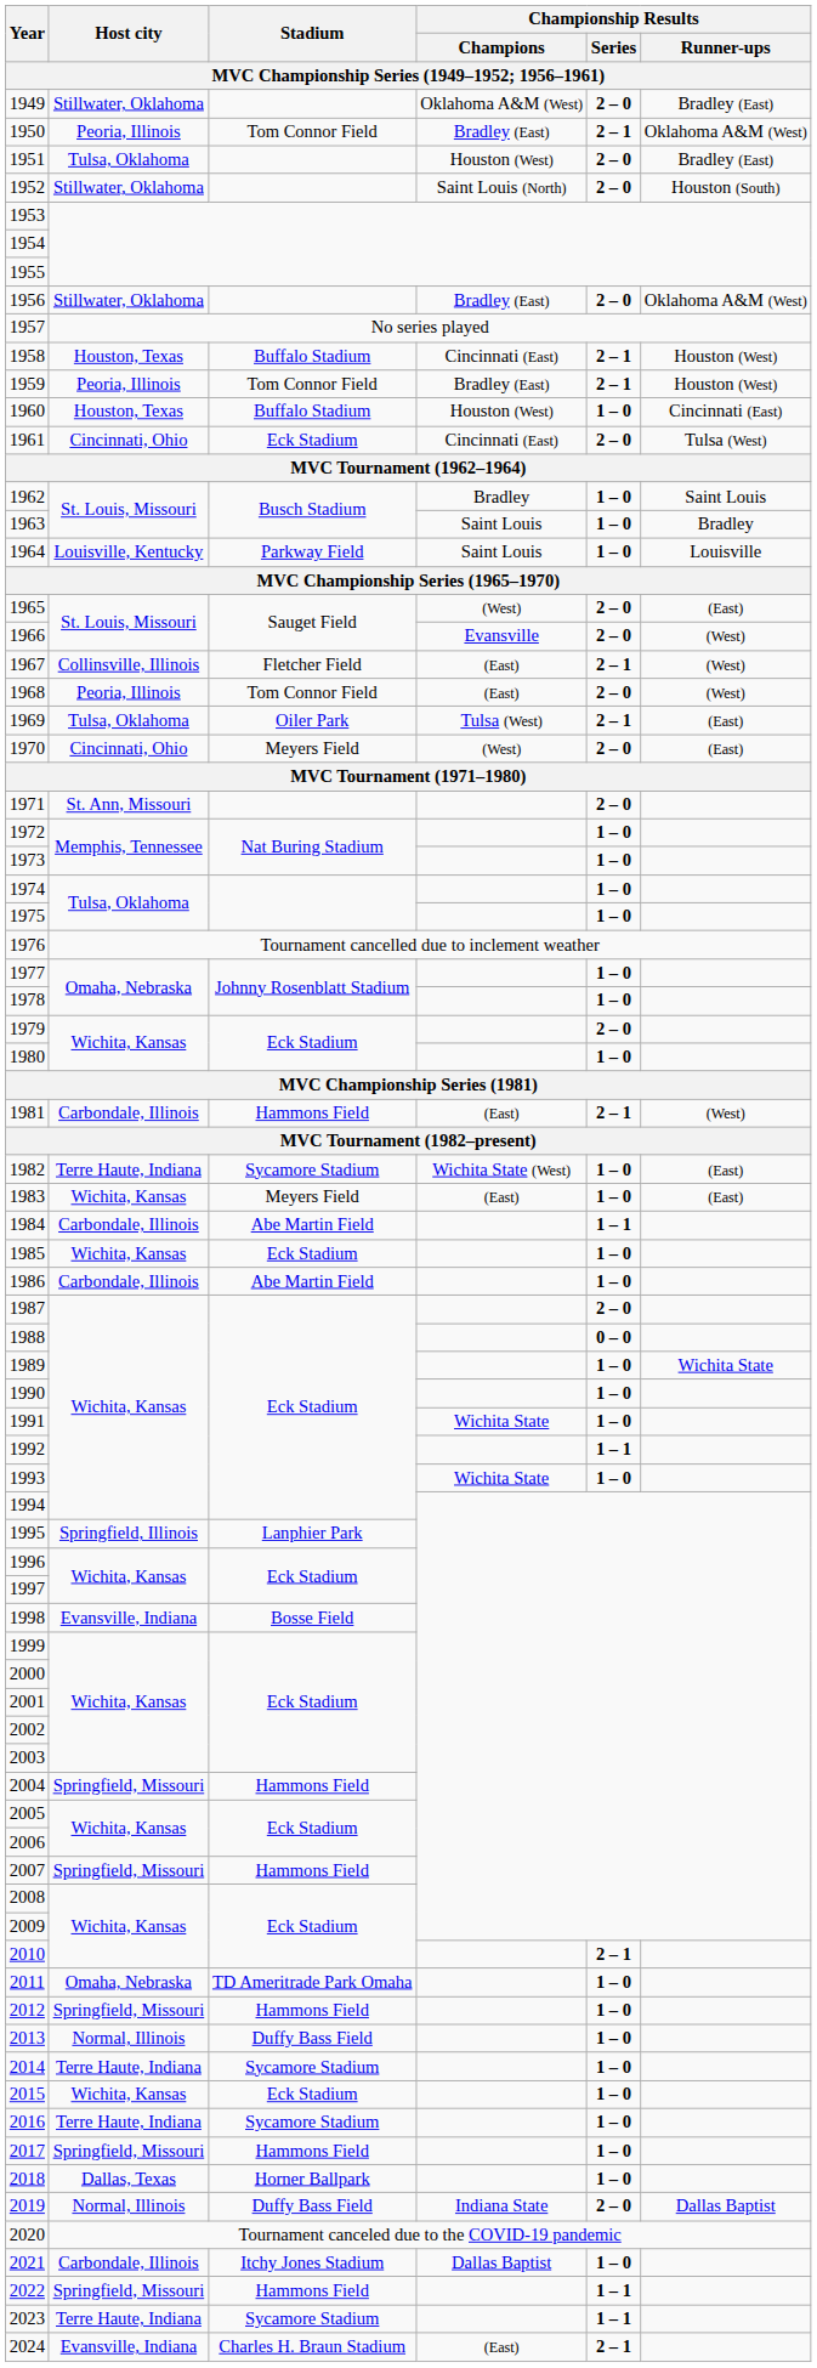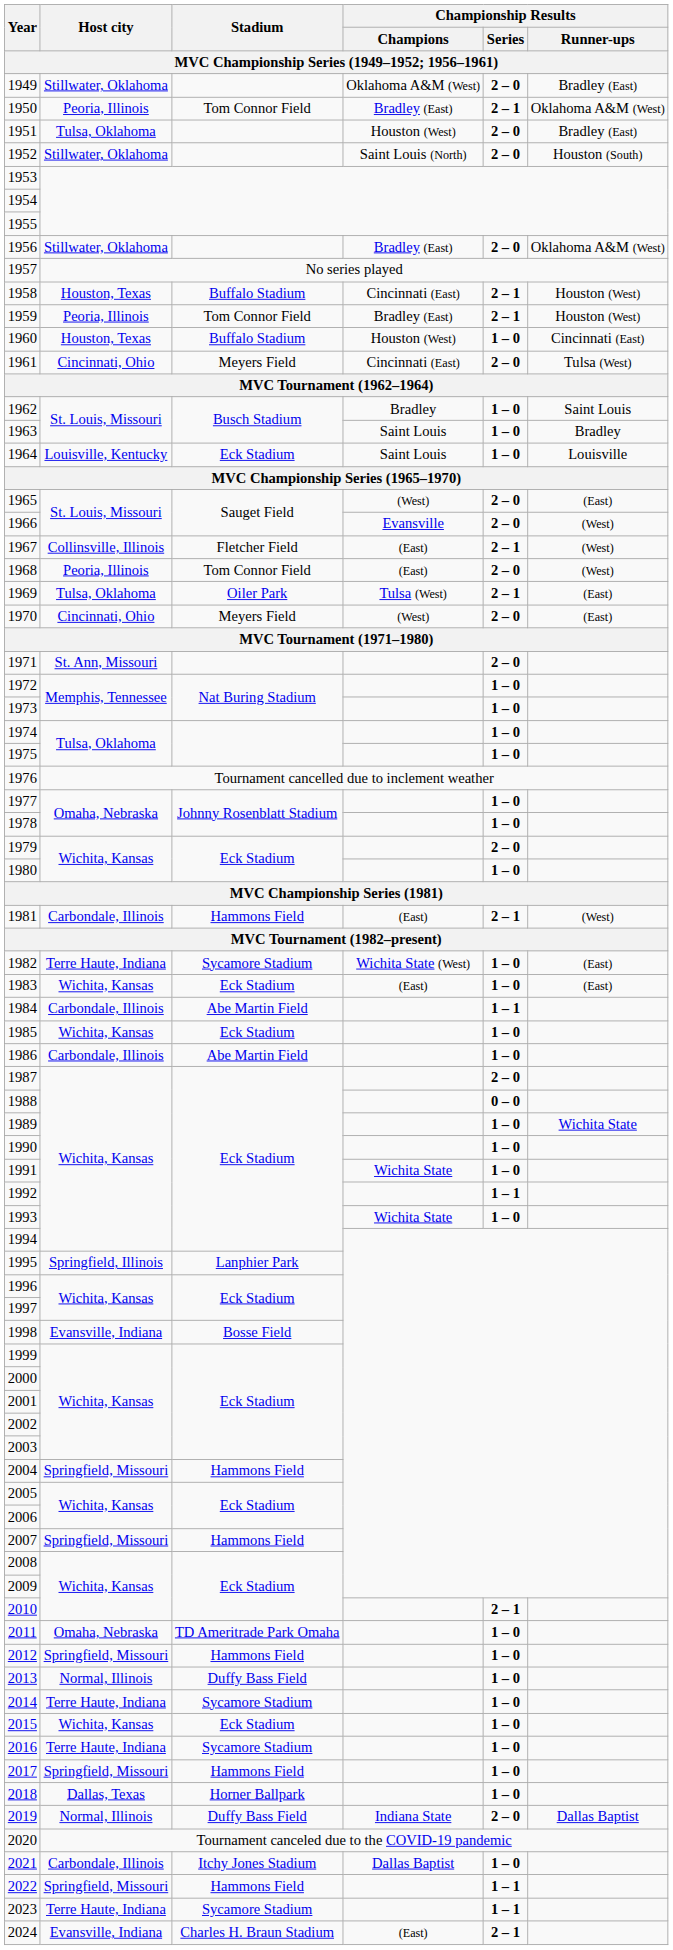 <table class="wikitable" style="text-align:center;">
 <tr>
 <th rowspan="2">Year</th>
 <th rowspan="2">Host city</th>
 <th rowspan="2">Stadium</th>
 <th colspan="3">Championship Results</th>
 </tr>
 <tr>
 <th>Champions</th>
 <th>Series</th>
 <th>Runner-ups</th>
 </tr>
 <tr>
 <th colspan="6">MVC Championship Series (1949–1952; 1956–1961)</th>
 </tr>
 <tr>
 <td style="text-align:center;">1949</td>
 <td><a href='#'>Stillwater, Oklahoma</a></td>
 <td></td>
 <td>Oklahoma A&M <small>(West)</small></td>
 <td style="text-align:center;"><strong>2 – 0</strong></td>
 <td>Bradley <small>(East)</small></td>
 </tr>
 <tr>
 <td style="text-align:center;">1950</td>
 <td><a href='#'>Peoria, Illinois</a></td>
 <td>Tom Connor Field</td>
 <td><a href='#'>Bradley</a> <small>(East)</small></td>
 <td style="text-align:center;"><strong>2 – 1</strong></td>
 <td>Oklahoma A&M <small>(West)</small></td>
 </tr>
 <tr>
 <td style="text-align:center;">1951</td>
 <td><a href='#'>Tulsa, Oklahoma</a></td>
 <td></td>
 <td>Houston <small>(West)</small></td>
 <td style="text-align:center;"><strong>2 – 0</strong></td>
 <td>Bradley <small>(East)</small></td>
 </tr>
 <tr>
 <td style="text-align:center;">1952</td>
 <td><a href='#'>Stillwater, Oklahoma</a></td>
 <td></td>
 <td>Saint Louis <small>(North)</small></td>
 <td style="text-align:center;"><strong>2 – 0</strong></td>
 <td>Houston <small>(South)</small></td>
 </tr>
 <tr>
 <td style="text-align:center;">1953</td>
 <td colspan="6" rowspan="3"></td>
 </tr>
 <tr>
 <td style="text-align:center;">1954</td>
 </tr>
 <tr>
 <td style="text-align:center;">1955</td>
 </tr>
 <tr>
 <td style="text-align:center;">1956</td>
 <td><a href='#'>Stillwater, Oklahoma</a></td>
 <td></td>
 <td><a href='#'>Bradley</a> <small>(East)</small></td>
 <td style="text-align:center;"><strong>2 – 0</strong></td>
 <td>Oklahoma A&M <small>(West)</small></td>
 </tr>
 <tr>
 <td scope="row" style="text-align:center">1957</td>
 <td colspan="5">No series played</td>
 </tr>
 <tr>
 <td style="text-align:center;">1958</td>
 <td><a href='#'>Houston, Texas</a></td>
 <td><a href='#'>Buffalo Stadium</a></td>
 <td>Cincinnati <small>(East)</small></td>
 <td style="text-align:center;"><strong>2 – 1</strong></td>
 <td>Houston <small>(West)</small></td>
 </tr>
 <tr>
 <td style="text-align:center;">1959</td>
 <td><a href='#'>Peoria, Illinois</a></td>
 <td>Tom Connor Field</td>
 <td>Bradley <small>(East)</small></td>
 <td style="text-align:center;"><strong>2 – 1</strong></td>
 <td>Houston <small>(West)</small></td>
 </tr>
 <tr>
 <td style="text-align:center;">1960</td>
 <td><a href='#'>Houston, Texas</a></td>
 <td><a href='#'>Buffalo Stadium</a></td>
 <td>Houston <small>(West)</small></td>
 <td style="text-align:center;"><strong>1 – 0</strong></td>
 <td>Cincinnati <small>(East)</small></td>
 </tr>
 <tr>
 <td style="text-align:center;">1961</td>
 <td><a href='#'>Cincinnati, Ohio</a></td>
-<td><a href='#'>Eck Stadium</a></td>
+<td>Meyers Field</td>
 <td>Cincinnati <small>(East)</small></td>
 <td style="text-align:center;"><strong>2 – 0</strong></td>
 <td>Tulsa <small>(West)</small></td>
 </tr>
 <tr>
 <th colspan="6">MVC Tournament (1962–1964)</th>
 </tr>
 <tr>
 <td>1962</td>
 <td rowspan="2"><a href='#'>St. Louis, Missouri</a></td>
 <td rowspan="2"><a href='#'>Busch Stadium</a></td>
 <td>Bradley</td>
 <td style="text-align:center;"><strong>1 – 0</strong></td>
 <td>Saint Louis</td>
 </tr>
 <tr>
 <td>1963</td>
 <td>Saint Louis</td>
 <td style="text-align:center;"><strong>1 – 0</strong></td>
 <td>Bradley</td>
 </tr>
 <tr>
 <td>1964</td>
 <td><a href='#'>Louisville, Kentucky</a></td>
-<td><a href='#'>Parkway Field</a></td>
+<td><a href='#'>Eck Stadium</a></td>
 <td>Saint Louis</td>
 <td style="text-align:center;"><strong>1 – 0</strong></td>
 <td>Louisville</td>
 </tr>
 <tr>
 <th colspan="6">MVC Championship Series (1965–1970)</th>
 </tr>
 <tr>
 <td>1965</td>
 <td rowspan="2"><a href='#'>St. Louis, Missouri</a></td>
 <td rowspan="2">Sauget Field</td>
 <td> <small>(West)</small></td>
 <td style="text-align:center;"><strong>2 – 0</strong></td>
 <td> <small>(East)</small></td>
 </tr>
 <tr>
 <td>1966</td>
 <td><a href='#'>Evansville</a></td>
 <td style="text-align:center;"><strong>2 – 0</strong></td>
 <td> <small>(West)</small></td>
 </tr>
 <tr>
 <td>1967</td>
 <td><a href='#'>Collinsville, Illinois</a></td>
 <td>Fletcher Field</td>
 <td> <small>(East)</small></td>
 <td style="text-align:center;"><strong>2 – 1</strong></td>
 <td> <small>(West)</small></td>
 </tr>
 <tr>
 <td>1968</td>
 <td><a href='#'>Peoria, Illinois</a></td>
 <td>Tom Connor Field</td>
 <td> <small>(East)</small></td>
 <td style="text-align:center;"><strong>2 – 0</strong></td>
 <td> <small>(West)</small></td>
 </tr>
 <tr>
 <td>1969</td>
 <td><a href='#'>Tulsa, Oklahoma</a></td>
 <td><a href='#'>Oiler Park</a></td>
 <td><a href='#'>Tulsa</a> <small>(West)</small></td>
 <td style="text-align:center;"><strong>2 – 1</strong></td>
 <td> <small>(East)</small></td>
 </tr>
 <tr>
 <td>1970</td>
 <td><a href='#'>Cincinnati, Ohio</a></td>
 <td>Meyers Field</td>
 <td> <small>(West)</small></td>
 <td style="text-align:center;"><strong>2 – 0</strong></td>
 <td> <small>(East)</small></td>
 </tr>
 <tr>
 <th colspan="6">MVC Tournament (1971–1980)</th>
 </tr>
 <tr>
 <td>1971</td>
 <td><a href='#'>St. Ann, Missouri</a></td>
 <td></td>
 <td></td>
 <td style="text-align:center;"><strong>2 – 0</strong></td>
 <td></td>
 </tr>
 <tr>
 <td>1972</td>
 <td rowspan="2"><a href='#'>Memphis, Tennessee</a></td>
 <td rowspan="2"><a href='#'>Nat Buring Stadium</a></td>
 <td></td>
 <td style="text-align:center;"><strong>1 – 0</strong></td>
 <td></td>
 </tr>
 <tr>
 <td>1973</td>
 <td></td>
 <td style="text-align:center;"><strong>1 – 0</strong></td>
 <td></td>
 </tr>
 <tr>
 <td>1974</td>
 <td rowspan="2"><a href='#'>Tulsa, Oklahoma</a></td>
 <td rowspan="2"></td>
 <td></td>
 <td style="text-align:center;"><strong>1 – 0</strong></td>
 <td></td>
 </tr>
 <tr>
 <td>1975</td>
 <td></td>
 <td style="text-align:center;"><strong>1 – 0</strong></td>
 <td></td>
 </tr>
 <tr>
 <td>1976</td>
 <td colspan="5">Tournament cancelled due to inclement weather</td>
 </tr>
 <tr>
 <td>1977</td>
 <td rowspan="2"><a href='#'>Omaha, Nebraska</a></td>
 <td rowspan="2"><a href='#'>Johnny Rosenblatt Stadium</a></td>
 <td></td>
 <td style="text-align:center;"><strong>1 – 0</strong></td>
 <td></td>
 </tr>
 <tr>
 <td>1978</td>
 <td></td>
 <td style="text-align:center;"><strong>1 – 0</strong></td>
 <td></td>
 </tr>
 <tr>
 <td>1979</td>
 <td rowspan="2"><a href='#'>Wichita, Kansas</a></td>
 <td rowspan="2"><a href='#'>Eck Stadium</a></td>
 <td></td>
 <td style="text-align:center;"><strong>2 – 0</strong></td>
 <td></td>
 </tr>
 <tr>
 <td>1980</td>
 <td></td>
 <td style="text-align:center;"><strong>1 – 0</strong></td>
 <td></td>
 </tr>
 <tr>
 <th colspan="6">MVC Championship Series (1981)</th>
 </tr>
 <tr>
 <td>1981</td>
 <td><a href='#'>Carbondale, Illinois</a></td>
 <td><a href='#'>Hammons Field</a></td>
 <td> <small>(East)</small></td>
 <td style="text-align:center;"><strong>2 – 1</strong></td>
 <td> <small>(West)</small></td>
 </tr>
 <tr>
 <th colspan="6">MVC Tournament (1982–present)</th>
 </tr>
 <tr>
 <td>1982</td>
 <td><a href='#'>Terre Haute, Indiana</a></td>
 <td><a href='#'>Sycamore Stadium</a></td>
 <td><a href='#'>Wichita State</a> <small>(West)</small></td>
 <td style="text-align:center;"><strong>1 – 0</strong></td>
 <td> <small>(East)</small></td>
 </tr>
 <tr>
 <td>1983</td>
 <td><a href='#'>Wichita, Kansas</a></td>
-<td>Meyers Field</td>
+<td><a href='#'>Eck Stadium</a></td>
 <td> <small>(East)</small></td>
 <td style="text-align:center;"><strong>1 – 0</strong></td>
 <td> <small>(East)</small></td>
 </tr>
 <tr>
 <td>1984</td>
 <td><a href='#'>Carbondale, Illinois</a></td>
 <td><a href='#'>Abe Martin Field</a></td>
 <td></td>
 <td style="text-align:center;"><strong>1 – 1</strong></td>
 <td></td>
 </tr>
 <tr>
 <td>1985</td>
 <td><a href='#'>Wichita, Kansas</a></td>
 <td><a href='#'>Eck Stadium</a></td>
 <td></td>
 <td style="text-align:center;"><strong>1 – 0</strong></td>
 <td></td>
 </tr>
 <tr>
 <td>1986</td>
 <td><a href='#'>Carbondale, Illinois</a></td>
 <td><a href='#'>Abe Martin Field</a></td>
 <td></td>
 <td style="text-align:center;"><strong>1 – 0</strong></td>
 <td></td>
 </tr>
 <tr>
 <td>1987</td>
 <td rowspan="8"><a href='#'>Wichita, Kansas</a></td>
 <td rowspan="8"><a href='#'>Eck Stadium</a></td>
 <td></td>
 <td style="text-align:center;"><strong>2 – 0</strong></td>
 <td></td>
 </tr>
 <tr>
 <td>1988</td>
 <td></td>
 <td style="text-align:center;"><strong>0 – 0</strong></td>
 <td></td>
 </tr>
 <tr>
 <td>1989</td>
 <td></td>
 <td style="text-align:center;"><strong>1 – 0</strong></td>
 <td><a href='#'>Wichita State</a></td>
 </tr>
 <tr>
 <td>1990</td>
 <td></td>
 <td style="text-align:center;"><strong>1 – 0</strong></td>
 <td></td>
 </tr>
 <tr>
 <td>1991</td>
 <td><a href='#'>Wichita State</a></td>
 <td style="text-align:center;"><strong>1 – 0</strong></td>
 <td></td>
 </tr>
 <tr>
 <td>1992</td>
 <td></td>
 <td style="text-align:center;"><strong>1 – 1</strong></td>
 <td></td>
 </tr>
 <tr>
 <td>1993</td>
 <td><a href='#'>Wichita State</a></td>
 <td style="text-align:center;"><strong>1 – 0</strong></td>
 <td></td>
 </tr>
 <tr>
 <td>1994</td>
 </tr>
 <tr>
 <td>1995</td>
 <td><a href='#'>Springfield, Illinois</a></td>
 <td><a href='#'>Lanphier Park</a></td>
 </tr>
 <tr>
 <td>1996</td>
 <td rowspan="2"><a href='#'>Wichita, Kansas</a></td>
 <td rowspan="2"><a href='#'>Eck Stadium</a></td>
 </tr>
 <tr>
 <td>1997</td>
 </tr>
 <tr>
 <td>1998</td>
 <td><a href='#'>Evansville, Indiana</a></td>
 <td><a href='#'>Bosse Field</a></td>
 </tr>
 <tr>
 <td>1999</td>
 <td rowspan="5"><a href='#'>Wichita, Kansas</a></td>
 <td rowspan="5"><a href='#'>Eck Stadium</a></td>
 </tr>
 <tr>
 <td>2000</td>
 </tr>
 <tr>
 <td>2001</td>
 </tr>
 <tr>
 <td>2002</td>
 </tr>
 <tr>
 <td>2003</td>
 </tr>
 <tr>
 <td>2004</td>
 <td><a href='#'>Springfield, Missouri</a></td>
 <td><a href='#'>Hammons Field</a></td>
 </tr>
 <tr>
 <td>2005</td>
 <td rowspan="2"><a href='#'>Wichita, Kansas</a></td>
 <td rowspan="2"><a href='#'>Eck Stadium</a></td>
 </tr>
 <tr>
 <td>2006</td>
 </tr>
 <tr>
 <td>2007</td>
 <td><a href='#'>Springfield, Missouri</a></td>
 <td><a href='#'>Hammons Field</a></td>
 </tr>
 <tr>
 <td>2008</td>
 <td rowspan="3"><a href='#'>Wichita, Kansas</a></td>
 <td rowspan="3"><a href='#'>Eck Stadium</a></td>
 </tr>
 <tr>
 <td>2009</td>
 </tr>
 <tr>
 <td><a href='#'>2010</a></td>
 <td></td>
 <td style="text-align:center;"><strong>2 – 1</strong></td>
 <td></td>
 </tr>
 <tr>
 <td><a href='#'>2011</a></td>
 <td><a href='#'>Omaha, Nebraska</a></td>
 <td><a href='#'>TD Ameritrade Park Omaha</a></td>
 <td></td>
 <td style="text-align:center;"><strong>1 – 0</strong></td>
 <td></td>
 </tr>
 <tr>
 <td><a href='#'>2012</a></td>
 <td><a href='#'>Springfield, Missouri</a></td>
 <td><a href='#'>Hammons Field</a></td>
 <td></td>
 <td style="text-align:center;"><strong>1 – 0</strong></td>
 <td></td>
 </tr>
 <tr>
 <td><a href='#'>2013</a></td>
 <td><a href='#'>Normal, Illinois</a></td>
 <td><a href='#'>Duffy Bass Field</a></td>
 <td></td>
 <td style="text-align:center;"><strong>1 – 0</strong></td>
 <td></td>
 </tr>
 <tr>
 <td><a href='#'>2014</a></td>
 <td><a href='#'>Terre Haute, Indiana</a></td>
 <td><a href='#'>Sycamore Stadium</a></td>
 <td></td>
 <td style="text-align:center;"><strong>1 – 0</strong></td>
 <td></td>
 </tr>
 <tr>
 <td><a href='#'>2015</a></td>
 <td><a href='#'>Wichita, Kansas</a></td>
 <td><a href='#'>Eck Stadium</a></td>
 <td></td>
 <td style="text-align:center;"><strong>1 – 0</strong></td>
 <td></td>
 </tr>
 <tr>
 <td><a href='#'>2016</a></td>
 <td><a href='#'>Terre Haute, Indiana</a></td>
 <td><a href='#'>Sycamore Stadium</a></td>
 <td></td>
 <td style="text-align:center;"><strong>1 – 0</strong></td>
 <td></td>
 </tr>
 <tr>
 <td><a href='#'>2017</a></td>
 <td><a href='#'>Springfield, Missouri</a></td>
 <td><a href='#'>Hammons Field</a></td>
 <td></td>
 <td style="text-align:center;"><strong>1 – 0</strong></td>
 <td></td>
 </tr>
 <tr>
 <td><a href='#'>2018</a></td>
 <td><a href='#'>Dallas, Texas</a></td>
 <td><a href='#'>Horner Ballpark</a></td>
 <td></td>
 <td style="text-align:center;"><strong>1 – 0</strong></td>
 <td></td>
 </tr>
 <tr>
 <td><a href='#'>2019</a></td>
 <td><a href='#'>Normal, Illinois</a></td>
 <td><a href='#'>Duffy Bass Field</a></td>
 <td><a href='#'>Indiana State</a></td>
 <td style="text-align:center;"><strong>2 – 0</strong></td>
 <td><a href='#'>Dallas Baptist</a></td>
 </tr>
 <tr>
 <td>2020</td>
 <td colspan="5">Tournament canceled due to the <a href='#'>COVID-19 pandemic</a></td>
 </tr>
 <tr>
 <td><a href='#'>2021</a></td>
 <td><a href='#'>Carbondale, Illinois</a></td>
 <td><a href='#'>Itchy Jones Stadium</a></td>
 <td><a href='#'>Dallas Baptist</a></td>
 <td style="text-align:center;"><strong>1 – 0</strong></td>
 <td></td>
 </tr>
 <tr>
 <td><a href='#'>2022</a></td>
 <td><a href='#'>Springfield, Missouri</a></td>
 <td><a href='#'>Hammons Field</a></td>
 <td></td>
 <td style="text-align:center;"><strong>1 – 1</strong></td>
 <td></td>
 </tr>
 <tr>
 <td>2023</td>
 <td><a href='#'>Terre Haute, Indiana</a></td>
 <td><a href='#'>Sycamore Stadium</a></td>
 <td></td>
 <td style="text-align:center;"><strong>1 – 1</strong></td>
 <td></td>
 </tr>
 <tr>
 <td>2024</td>
 <td><a href='#'>Evansville, Indiana</a></td>
 <td><a href='#'>Charles H. Braun Stadium</a></td>
 <td> <small>(East)</small></td>
 <td style="text-align:center;"><strong>2 – 1</strong></td>
 <td></td>
 </tr>
 </table>
